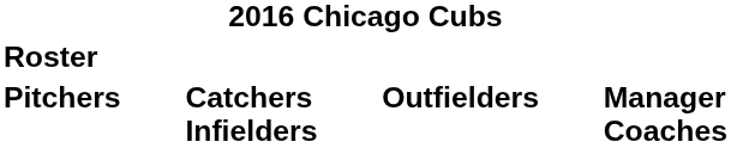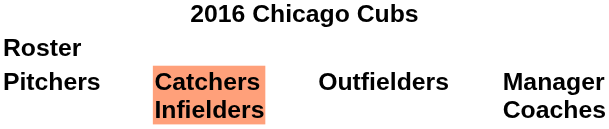 <table class="toccolours" style="font-size: 95%;">
 <tr>
 <th colspan="10">2016 Chicago Cubs</th>
 </tr>
 <tr>
 <td colspan="10"><strong>Roster</strong></td>
 </tr>
 <tr>
 <td valign="top"><strong>Pitchers</strong><br>                       </td>
 <td width="25px"></td>
-<td valign="top"><strong>Catchers</strong><br>    <strong>Infielders</strong>        </td>
+<td valign="top" style="background: lightsalmon;"><strong>Catchers</strong><br>    <strong>Infielders</strong>        </td>
 <td width="25px"></td>
 <td valign="top"><strong>Outfielders</strong><br>       </td>
 <td width="25px"></td>
 <td valign="top"><strong>Manager</strong><br>  <strong>Coaches</strong>                      </td>
 </tr>
 </table>
